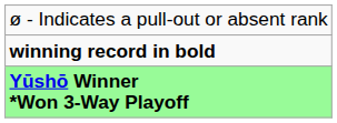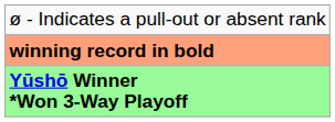 <table class="wikitable">
 <tr>
 <td>ø - Indicates a pull-out or absent rank</td>
 </tr>
 <tr>
-<td><strong>winning record in bold</strong></td>
+<td style="background: lightsalmon;"><strong>winning record in bold</strong></td>
 </tr>
 <tr>
 <td style="background: PaleGreen;"><strong><a href='#'>Yūshō</a> Winner</strong><br><strong>*Won 3-Way Playoff</strong></td>
 </tr>
 </table>
